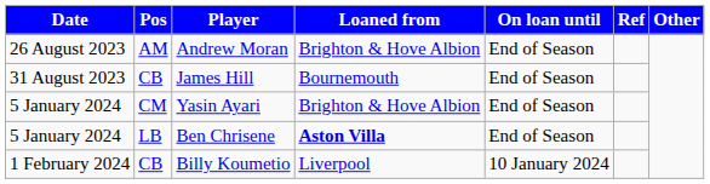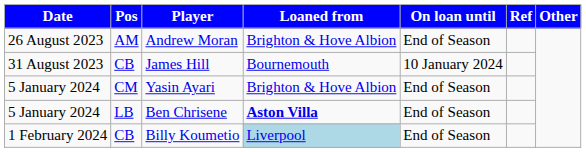 <table class="wikitable plainrowheaders sortable">
 <tr>
 <th style="background:#0000FF; color:#ffffff; ">Date</th>
 <th style="background:#0000FF; color:#ffffff; ">Pos</th>
 <th style="background:#0000FF; color:#ffffff; ">Player</th>
 <th style="background:#0000FF; color:#ffffff; ">Loaned from</th>
 <th style="background:#0000FF; color:#ffffff; ">On loan until</th>
 <th style="background:#0000FF; color:#ffffff; ">Ref</th>
 <th style="background:#0000FF; color:#ffffff; ">Other</th>
 </tr>
 <tr>
 <td>26 August 2023</td>
 <td><a href='#'>AM</a></td>
 <td> <a href='#'>Andrew Moran</a></td>
 <td> <a href='#'>Brighton & Hove Albion</a></td>
 <td>End of Season</td>
 <td></td>
 </tr>
 <tr>
 <td>31 August 2023</td>
 <td><a href='#'>CB</a></td>
 <td> <a href='#'>James Hill</a></td>
 <td> <a href='#'>Bournemouth</a></td>
-<td>End of Season</td>
+<td>10 January 2024</td>
 <td></td>
 </tr>
 <tr>
 <td>5 January 2024</td>
 <td><a href='#'>CM</a></td>
 <td> <a href='#'>Yasin Ayari</a></td>
 <td> <a href='#'>Brighton & Hove Albion</a></td>
 <td>End of Season</td>
 <td></td>
 </tr>
 <tr>
 <td>5 January 2024</td>
 <td><a href='#'>LB</a></td>
 <td> <a href='#'>Ben Chrisene</a></td>
 <td><strong> <a href='#'>Aston Villa</a></strong></td>
 <td>End of Season</td>
 <td></td>
 </tr>
 <tr>
 <td>1 February 2024</td>
 <td><a href='#'>CB</a></td>
 <td> <a href='#'>Billy Koumetio</a></td>
-<td> <a href='#'>Liverpool</a></td>
-<td>10 January 2024</td>
+<td style="background: lightblue;"> <a href='#'>Liverpool</a></td>
+<td>End of Season</td>
 <td></td>
 </tr>
 </table>
